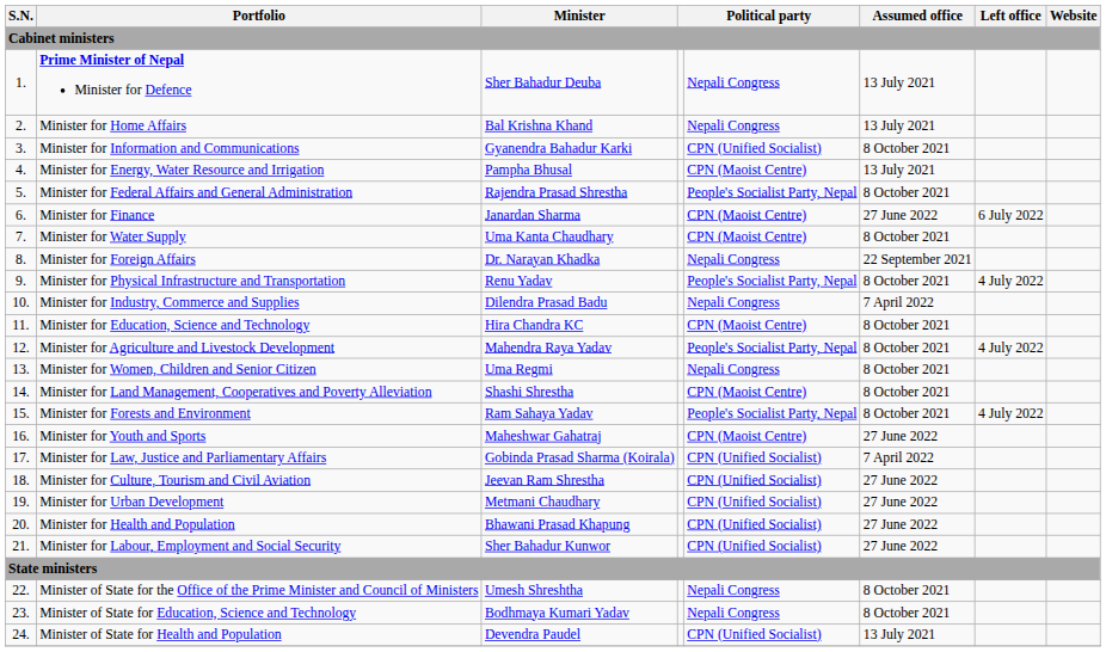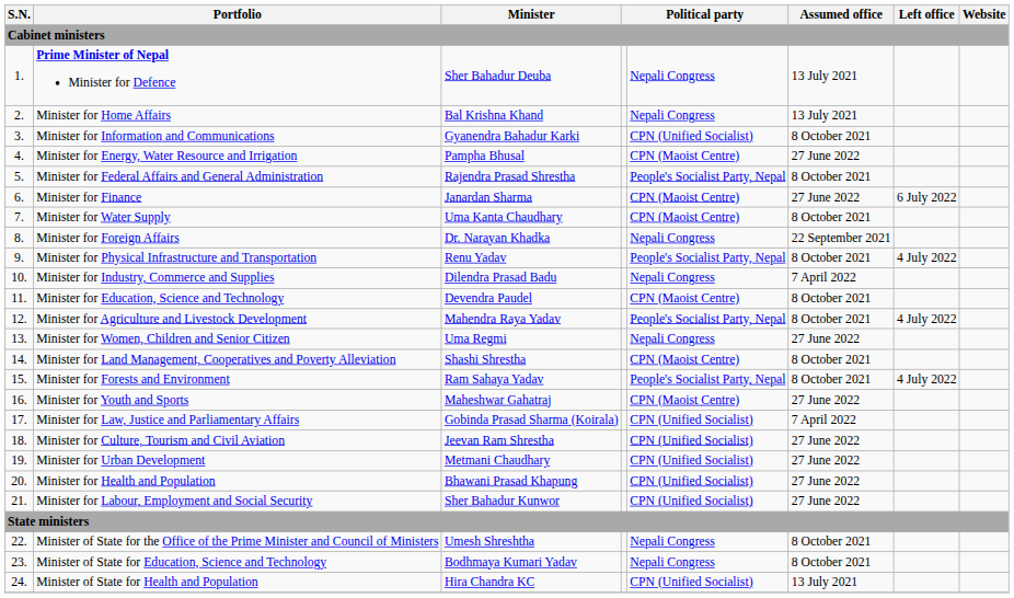 <table class="wikitable sortable">
 <tr>
 <th>S.N.</th>
 <th>Portfolio</th>
 <th>Minister</th>
 <th colspan="2">Political party</th>
 <th>Assumed office</th>
 <th>Left office</th>
 <th>Website</th>
 </tr>
 <tr>
 <td colspan="8" bgcolor="darkgrey"><strong>Cabinet ministers</strong></td>
 </tr>
 <tr>
 <td style="text-align:center;">1.</td>
 <td><strong><a href='#'>Prime Minister of Nepal</a></strong><br><ul><li>Minister for <a href='#'>Defence</a></li></ul></td>
 <td><a href='#'>Sher Bahadur Deuba</a></td>
 <td></td>
 <td><a href='#'>Nepali Congress</a></td>
 <td>13 July 2021</td>
 <td></td>
 <td></td>
 </tr>
 <tr>
 <td style="text-align:center;">2.</td>
 <td>Minister for <a href='#'>Home Affairs</a></td>
 <td><a href='#'>Bal Krishna Khand</a></td>
 <td></td>
 <td><a href='#'>Nepali Congress</a></td>
 <td>13 July 2021</td>
 <td></td>
 <td></td>
 </tr>
 <tr>
 <td style="text-align:center;">3.</td>
 <td>Minister for <a href='#'>Information and Communications</a></td>
 <td><a href='#'>Gyanendra Bahadur Karki</a></td>
 <td></td>
 <td><a href='#'>CPN (Unified Socialist)</a></td>
 <td>8 October 2021</td>
 <td></td>
 <td></td>
 </tr>
 <tr>
 <td style="text-align:center;">4.</td>
 <td>Minister for <a href='#'>Energy, Water Resource and Irrigation</a></td>
 <td><a href='#'>Pampha Bhusal</a></td>
 <td></td>
 <td><a href='#'>CPN (Maoist Centre)</a></td>
-<td>13 July 2021</td>
+<td>27 June 2022</td>
 <td></td>
 <td> </td>
 </tr>
 <tr>
 <td style="text-align:center;">5.</td>
 <td>Minister for <a href='#'>Federal Affairs and General Administration</a></td>
 <td><a href='#'>Rajendra Prasad Shrestha</a></td>
 <td></td>
 <td><a href='#'>People's Socialist Party, Nepal</a></td>
 <td>8 October 2021</td>
 <td></td>
 <td></td>
 </tr>
 <tr>
 <td style="text-align:center;">6.</td>
 <td>Minister for <a href='#'>Finance</a></td>
 <td><a href='#'>Janardan Sharma</a></td>
 <td></td>
 <td><a href='#'>CPN (Maoist Centre)</a></td>
 <td>27 June 2022</td>
 <td>6 July 2022</td>
 <td></td>
 </tr>
 <tr>
 <td style="text-align:center;">7.</td>
 <td>Minister for <a href='#'>Water Supply</a></td>
 <td><a href='#'>Uma Kanta Chaudhary</a></td>
 <td></td>
 <td><a href='#'>CPN (Maoist Centre)</a></td>
 <td>8 October 2021</td>
 <td></td>
 <td></td>
 </tr>
 <tr>
 <td style="text-align:center;">8.</td>
 <td>Minister for <a href='#'>Foreign Affairs</a></td>
 <td><a href='#'>Dr. Narayan Khadka</a></td>
 <td></td>
 <td><a href='#'>Nepali Congress</a></td>
 <td>22 September 2021</td>
 <td></td>
 <td></td>
 </tr>
 <tr>
 <td style="text-align:center;">9.</td>
 <td>Minister for <a href='#'>Physical Infrastructure and Transportation</a></td>
 <td><a href='#'>Renu Yadav</a></td>
 <td></td>
 <td><a href='#'>People's Socialist Party, Nepal</a></td>
 <td>8 October 2021</td>
 <td>4 July 2022</td>
 <td></td>
 </tr>
 <tr>
 <td style="text-align:center;">10.</td>
 <td>Minister for <a href='#'>Industry, Commerce and Supplies</a></td>
 <td><a href='#'>Dilendra Prasad Badu</a></td>
 <td></td>
 <td><a href='#'>Nepali Congress</a></td>
 <td>7 April 2022</td>
 <td></td>
 <td></td>
 </tr>
 <tr>
 <td style="text-align:center;">11.</td>
 <td>Minister for <a href='#'>Education, Science and Technology</a></td>
-<td><a href='#'>Hira Chandra KC</a></td>
+<td><a href='#'>Devendra Paudel</a></td>
 <td></td>
 <td><a href='#'>CPN (Maoist Centre)</a></td>
 <td>8 October 2021</td>
 <td></td>
 <td> </td>
 </tr>
 <tr>
 <td style="text-align:center;">12.</td>
 <td>Minister for <a href='#'>Agriculture and Livestock Development</a></td>
 <td><a href='#'>Mahendra Raya Yadav</a></td>
 <td></td>
 <td><a href='#'>People's Socialist Party, Nepal</a></td>
 <td>8 October 2021</td>
 <td>4 July 2022</td>
 <td></td>
 </tr>
 <tr>
 <td style="text-align:center;">13.</td>
 <td>Minister for <a href='#'>Women, Children and Senior Citizen</a></td>
 <td><a href='#'>Uma Regmi</a></td>
 <td></td>
 <td><a href='#'>Nepali Congress</a></td>
-<td>8 October 2021</td>
+<td>27 June 2022</td>
 <td></td>
 <td></td>
 </tr>
 <tr>
 <td style="text-align:center;">14.</td>
 <td>Minister for <a href='#'>Land Management, Cooperatives and Poverty Alleviation</a></td>
 <td><a href='#'>Shashi Shrestha</a></td>
 <td></td>
 <td><a href='#'>CPN (Maoist Centre)</a></td>
 <td>8 October 2021</td>
 <td></td>
 <td></td>
 </tr>
 <tr>
 <td style="text-align:center;">15.</td>
 <td>Minister for <a href='#'>Forests and Environment</a></td>
 <td><a href='#'>Ram Sahaya Yadav</a></td>
 <td></td>
 <td><a href='#'>People's Socialist Party, Nepal</a></td>
 <td>8 October 2021</td>
 <td>4 July 2022</td>
 <td></td>
 </tr>
 <tr>
 <td style="text-align:center;">16.</td>
 <td>Minister for <a href='#'>Youth and Sports</a></td>
 <td><a href='#'>Maheshwar Gahatraj</a></td>
 <td></td>
 <td><a href='#'>CPN (Maoist Centre)</a></td>
 <td>27 June 2022</td>
 <td></td>
 <td></td>
 </tr>
 <tr>
 <td style="text-align:center;">17.</td>
 <td>Minister for <a href='#'>Law, Justice and Parliamentary Affairs</a></td>
 <td><a href='#'>Gobinda Prasad Sharma (Koirala)</a></td>
 <td></td>
 <td><a href='#'>CPN (Unified Socialist)</a></td>
 <td>7 April 2022</td>
 <td></td>
 <td></td>
 </tr>
 <tr>
 <td style="text-align:center;">18.</td>
 <td>Minister for <a href='#'>Culture, Tourism and Civil Aviation</a></td>
 <td><a href='#'>Jeevan Ram Shrestha</a></td>
 <td></td>
 <td><a href='#'>CPN (Unified Socialist)</a></td>
 <td>27 June 2022</td>
 <td></td>
 <td></td>
 </tr>
 <tr>
 <td style="text-align:center;">19.</td>
 <td>Minister for <a href='#'>Urban Development</a></td>
 <td><a href='#'>Metmani Chaudhary</a></td>
 <td></td>
 <td><a href='#'>CPN (Unified Socialist)</a></td>
 <td>27 June 2022</td>
 <td></td>
 <td></td>
 </tr>
 <tr>
 <td style="text-align:center;">20.</td>
 <td>Minister for <a href='#'>Health and Population</a></td>
 <td><a href='#'>Bhawani Prasad Khapung</a></td>
 <td></td>
 <td><a href='#'>CPN (Unified Socialist)</a></td>
 <td>27 June 2022</td>
 <td></td>
 <td> </td>
 </tr>
 <tr>
 <td style="text-align:center;">21.</td>
 <td>Minister for <a href='#'>Labour, Employment and Social Security</a></td>
 <td><a href='#'>Sher Bahadur Kunwor</a></td>
 <td></td>
 <td><a href='#'>CPN (Unified Socialist)</a></td>
 <td>27 June 2022</td>
 <td></td>
 <td> </td>
 </tr>
 <tr>
 <td colspan="8" bgcolor="darkgrey"><strong>State ministers</strong></td>
 </tr>
 <tr>
 <td style="text-align:center;">22.</td>
 <td>Minister of State for the <a href='#'>Office of the Prime Minister and Council of Ministers</a></td>
 <td><a href='#'>Umesh Shreshtha</a></td>
 <td></td>
 <td><a href='#'>Nepali Congress</a></td>
 <td>8 October 2021</td>
 <td></td>
 <td></td>
 </tr>
 <tr>
 <td style="text-align:center;">23.</td>
 <td>Minister of State for <a href='#'>Education, Science and Technology</a></td>
 <td><a href='#'>Bodhmaya Kumari Yadav</a></td>
 <td></td>
 <td><a href='#'>Nepali Congress</a></td>
 <td>8 October 2021</td>
 <td></td>
 <td> </td>
 </tr>
 <tr>
 <td style="text-align:center;">24.</td>
 <td>Minister of State for <a href='#'>Health and Population</a></td>
-<td><a href='#'>Devendra Paudel</a></td>
+<td><a href='#'>Hira Chandra KC</a></td>
 <td></td>
 <td><a href='#'>CPN (Unified Socialist)</a></td>
 <td>13 July 2021</td>
 <td></td>
 <td> </td>
 </tr>
 <tr>
 </tr>
 </table>
